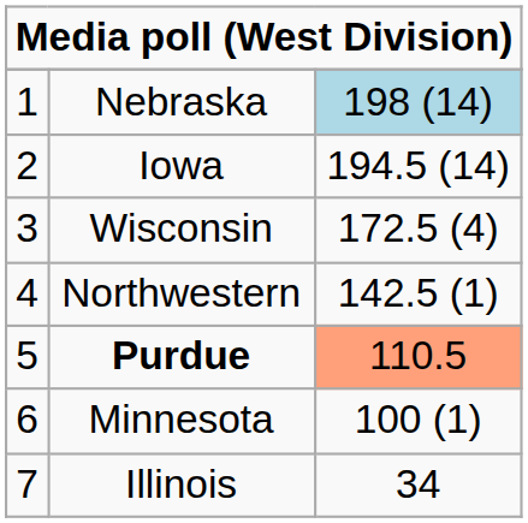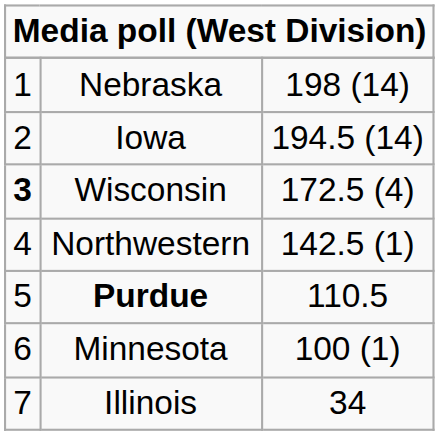 <table class="wikitable" style="display: inline-table;">
 <tr>
 <td align="center" Colspan="3"><strong>Media poll (West Division)</strong></td>
 </tr>
 <tr align="center">
 </tr>
 <tr align="center">
 <td>1</td>
 <td>Nebraska</td>
-<td style="background: lightblue;">198 (14)</td>
+<td>198 (14)</td>
 </tr>
 <tr align="center">
 <td>2</td>
 <td>Iowa</td>
 <td>194.5 (14)</td>
 </tr>
 <tr align="center">
-<td>3</td>
+<td><strong>3</strong></td>
 <td>Wisconsin</td>
 <td>172.5 (4)</td>
 </tr>
 <tr align="center">
 <td>4</td>
 <td>Northwestern</td>
 <td>142.5 (1)</td>
 </tr>
 <tr align="center">
 <td>5</td>
 <td><strong>Purdue</strong></td>
-<td style="background: lightsalmon;">110.5</td>
+<td>110.5</td>
 </tr>
 <tr align="center">
 <td>6</td>
 <td>Minnesota</td>
 <td>100 (1)</td>
 </tr>
 <tr align="center">
 <td>7</td>
 <td>Illinois</td>
 <td>34</td>
 </tr>
 </table>
